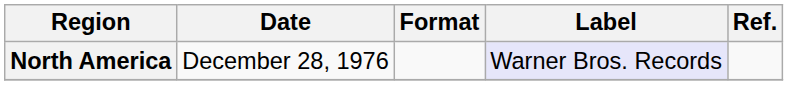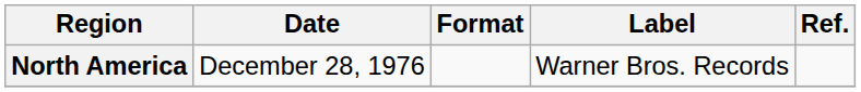 <table class="wikitable plainrowheaders">
 <tr>
 <th scope="col">Region</th>
 <th scope="col">Date</th>
 <th scope="col">Format</th>
 <th scope="col">Label</th>
 <th scope="col">Ref.</th>
 </tr>
 <tr>
 <th scope="row">North America</th>
 <td>December 28, 1976</td>
 <td></td>
-<td style="background: lavender;">Warner Bros. Records</td>
+<td>Warner Bros. Records</td>
 <td></td>
 </tr>
 <tr>
 </tr>
 </table>
